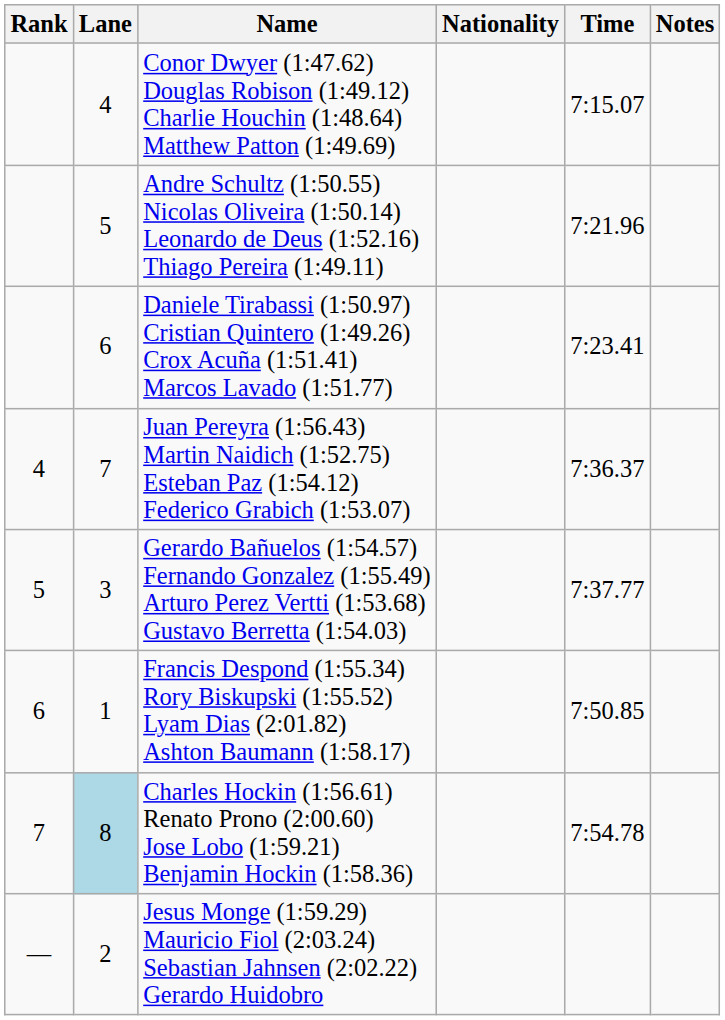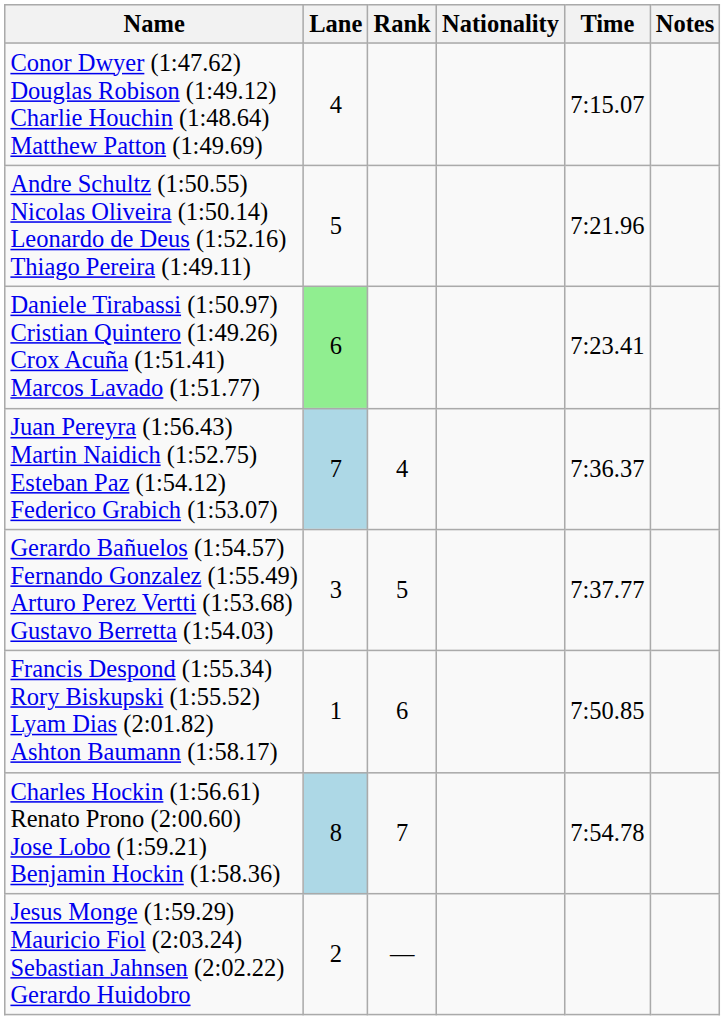 <table class="wikitable sortable" style="text-align:center">
 <tr>
+<th>Name</th>
+<th>Lane</th>
 <th>Rank</th>
-<th>Lane</th>
-<th>Name</th>
 <th>Nationality</th>
 <th>Time</th>
 <th>Notes</th>
 </tr>
 <tr>
+<td align=left><a href='#'>Conor Dwyer</a> (1:47.62)<br> <a href='#'>Douglas Robison</a> (1:49.12)<br> <a href='#'>Charlie Houchin</a> (1:48.64)<br> <a href='#'>Matthew Patton</a> (1:49.69)</td>
+<td>4</td>
 <td></td>
-<td>4</td>
-<td align=left><a href='#'>Conor Dwyer</a> (1:47.62)<br> <a href='#'>Douglas Robison</a> (1:49.12)<br> <a href='#'>Charlie Houchin</a> (1:48.64)<br> <a href='#'>Matthew Patton</a> (1:49.69)</td>
 <td align=left></td>
 <td>7:15.07</td>
 <td></td>
 </tr>
 <tr>
+<td align=left><a href='#'>Andre Schultz</a> (1:50.55)<br> <a href='#'>Nicolas Oliveira</a> (1:50.14)<br> <a href='#'>Leonardo de Deus</a> (1:52.16)<br> <a href='#'>Thiago Pereira</a> (1:49.11)</td>
+<td>5</td>
 <td></td>
-<td>5</td>
-<td align=left><a href='#'>Andre Schultz</a> (1:50.55)<br> <a href='#'>Nicolas Oliveira</a> (1:50.14)<br> <a href='#'>Leonardo de Deus</a> (1:52.16)<br> <a href='#'>Thiago Pereira</a> (1:49.11)</td>
 <td align=left></td>
 <td>7:21.96</td>
 <td></td>
 </tr>
 <tr>
+<td align=left><a href='#'>Daniele Tirabassi</a> (1:50.97)<br> <a href='#'>Cristian Quintero</a> (1:49.26)<br> <a href='#'>Crox Acuña</a> (1:51.41)<br> <a href='#'>Marcos Lavado</a> (1:51.77)</td>
+<td style="background: lightgreen;">6</td>
 <td></td>
-<td>6</td>
-<td align=left><a href='#'>Daniele Tirabassi</a> (1:50.97)<br> <a href='#'>Cristian Quintero</a> (1:49.26)<br> <a href='#'>Crox Acuña</a> (1:51.41)<br> <a href='#'>Marcos Lavado</a> (1:51.77)</td>
 <td align=left></td>
 <td>7:23.41</td>
 <td></td>
 </tr>
 <tr>
+<td align=left><a href='#'>Juan Pereyra</a> (1:56.43)<br> <a href='#'>Martin Naidich</a> (1:52.75)<br> <a href='#'>Esteban Paz</a> (1:54.12)<br> <a href='#'>Federico Grabich</a> (1:53.07)</td>
+<td style="background: lightblue;">7</td>
 <td>4</td>
-<td>7</td>
-<td align=left><a href='#'>Juan Pereyra</a> (1:56.43)<br> <a href='#'>Martin Naidich</a> (1:52.75)<br> <a href='#'>Esteban Paz</a> (1:54.12)<br> <a href='#'>Federico Grabich</a> (1:53.07)</td>
 <td align=left></td>
 <td>7:36.37</td>
 <td></td>
 </tr>
 <tr>
+<td align=left><a href='#'>Gerardo Bañuelos</a> (1:54.57)<br> <a href='#'>Fernando Gonzalez</a> (1:55.49)<br> <a href='#'>Arturo Perez Vertti</a> (1:53.68)<br> <a href='#'>Gustavo Berretta</a> (1:54.03)</td>
+<td>3</td>
 <td>5</td>
-<td>3</td>
-<td align=left><a href='#'>Gerardo Bañuelos</a> (1:54.57)<br> <a href='#'>Fernando Gonzalez</a> (1:55.49)<br> <a href='#'>Arturo Perez Vertti</a> (1:53.68)<br> <a href='#'>Gustavo Berretta</a> (1:54.03)</td>
 <td align=left></td>
 <td>7:37.77</td>
 <td></td>
 </tr>
 <tr>
+<td align=left><a href='#'>Francis Despond</a> (1:55.34)<br> <a href='#'>Rory Biskupski</a> (1:55.52)<br> <a href='#'>Lyam Dias</a> (2:01.82)<br> <a href='#'>Ashton Baumann</a> (1:58.17)</td>
+<td>1</td>
 <td>6</td>
-<td>1</td>
-<td align=left><a href='#'>Francis Despond</a> (1:55.34)<br> <a href='#'>Rory Biskupski</a> (1:55.52)<br> <a href='#'>Lyam Dias</a> (2:01.82)<br> <a href='#'>Ashton Baumann</a> (1:58.17)</td>
 <td align=left></td>
 <td>7:50.85</td>
 <td></td>
 </tr>
 <tr>
+<td align=left><a href='#'>Charles Hockin</a> (1:56.61)<br> Renato Prono (2:00.60)<br> <a href='#'>Jose Lobo</a> (1:59.21)<br> <a href='#'>Benjamin Hockin</a> (1:58.36)</td>
+<td style="background: lightblue;">8</td>
 <td>7</td>
-<td style="background: lightblue;">8</td>
-<td align=left><a href='#'>Charles Hockin</a> (1:56.61)<br> Renato Prono (2:00.60)<br> <a href='#'>Jose Lobo</a> (1:59.21)<br> <a href='#'>Benjamin Hockin</a> (1:58.36)</td>
 <td align=left></td>
 <td>7:54.78</td>
 <td></td>
 </tr>
 <tr>
+<td align=left><a href='#'>Jesus Monge</a> (1:59.29)<br><a href='#'>Mauricio Fiol</a> (2:03.24)<br><a href='#'>Sebastian Jahnsen</a> (2:02.22)<br><a href='#'>Gerardo Huidobro</a></td>
+<td>2</td>
 <td>—</td>
-<td>2</td>
-<td align=left><a href='#'>Jesus Monge</a> (1:59.29)<br><a href='#'>Mauricio Fiol</a> (2:03.24)<br><a href='#'>Sebastian Jahnsen</a> (2:02.22)<br><a href='#'>Gerardo Huidobro</a></td>
 <td align="left"></td>
 <td></td>
 <td></td>
 </tr>
 </table>
